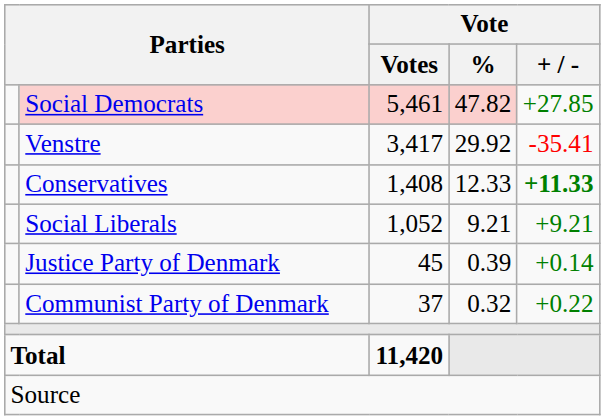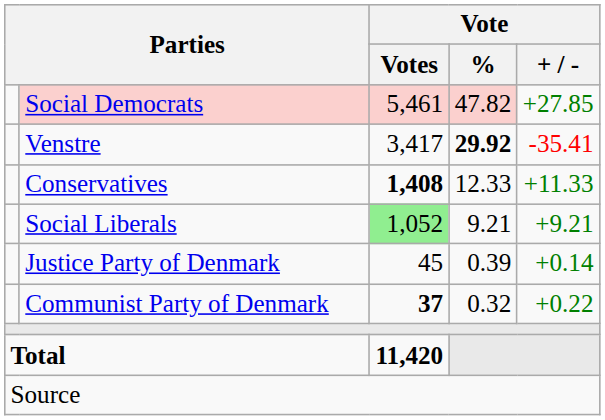 <table class="wikitable" style="text-align:right;">
 <tr>
 <th style="text-align:centre;" rowspan="2" colspan="2" width="225">Parties</th>
 <th colspan="3">Vote</th>
 </tr>
 <tr>
 <th width="15">Votes</th>
 <th width="15">%</th>
 <th width="15">+ / -</th>
 </tr>
 <tr>
 <td width="2" style="color:inherit;background:"></td>
 <td bgcolor=#fbd0ce  align="left"><a href='#'>Social Democrats</a></td>
 <td bgcolor=#fbd0ce>5,461</td>
 <td bgcolor=#fbd0ce>47.82</td>
 <td style=color:green;>+27.85</td>
 </tr>
 <tr>
 <td width="2" style="color:inherit;background:"></td>
 <td align="left"><a href='#'>Venstre</a></td>
 <td>3,417</td>
-<td>29.92</td>
+<td><strong>29.92</strong></td>
 <td style=color:red;>-35.41</td>
 </tr>
 <tr>
 <td width="2" style="color:inherit;background:"></td>
 <td align="left"><a href='#'>Conservatives</a></td>
-<td>1,408</td>
+<td><strong>1,408</strong></td>
 <td>12.33</td>
-<td style=color:green;><strong>+11.33</strong></td>
+<td style=color:green;>+11.33</td>
 </tr>
 <tr>
 <td width="2" style="color:inherit;background:"></td>
 <td align="left"><a href='#'>Social Liberals</a></td>
-<td>1,052</td>
+<td style="background: lightgreen;">1,052</td>
 <td>9.21</td>
 <td style=color:green;>+9.21</td>
 </tr>
 <tr>
 <td width="2" style="color:inherit;background:"></td>
 <td align="left"><a href='#'>Justice Party of Denmark</a></td>
 <td>45</td>
 <td>0.39</td>
 <td style=color:green;>+0.14</td>
 </tr>
 <tr>
 <td width="2" style="color:inherit;background:"></td>
 <td align="left"><a href='#'>Communist Party of Denmark</a></td>
-<td>37</td>
+<td><strong>37</strong></td>
 <td>0.32</td>
 <td style=color:green;>+0.22</td>
 </tr>
 <tr>
 <td colspan="7" bgcolor="#E9E9E9"></td>
 </tr>
 <tr>
 <td align="left" colspan="2"><strong>Total</strong></td>
 <td><strong>11,420</strong></td>
 <td bgcolor="#E9E9E9" colspan="2"></td>
 </tr>
 <tr>
 <td align="left" colspan="6">Source</td>
 </tr>
 </table>
